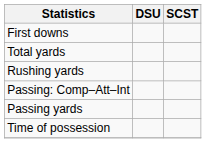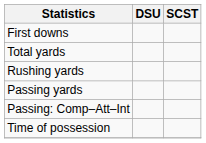 <table class="wikitable" style="float: left;">
 <tr>
 <th>Statistics</th>
 <th>DSU</th>
 <th>SCST</th>
 </tr>
 <tr>
 <td>First downs</td>
 <td></td>
 <td></td>
 </tr>
 <tr>
 <td>Total yards</td>
 <td></td>
 <td></td>
 </tr>
 <tr>
 <td>Rushing yards</td>
 <td></td>
 <td></td>
 </tr>
 <tr>
-<td>Passing: Comp–Att–Int</td>
+<td>Passing yards</td>
 <td></td>
 <td></td>
 </tr>
 <tr>
-<td>Passing yards</td>
+<td>Passing: Comp–Att–Int</td>
 <td></td>
 <td></td>
 </tr>
 <tr>
 <td>Time of possession</td>
 <td></td>
 <td></td>
 </tr>
 <tr>
 </tr>
 </table>
